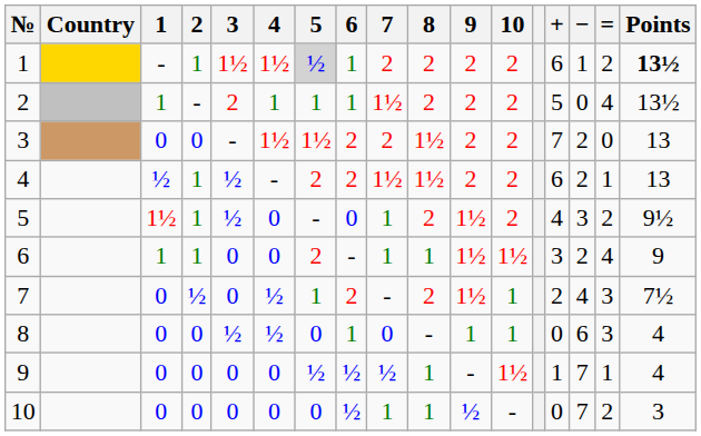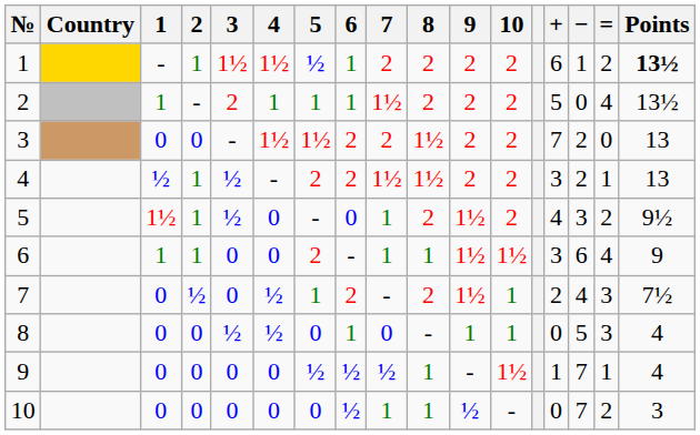 <table class="wikitable" style="text-align:center">
 <tr>
 <th>№</th>
 <th>Country</th>
 <th>1</th>
 <th>2</th>
 <th>3</th>
 <th>4</th>
 <th>5</th>
 <th>6</th>
 <th>7</th>
 <th>8</th>
 <th>9</th>
 <th>10</th>
 <th></th>
 <th>+</th>
 <th>−</th>
 <th>=</th>
 <th>Points</th>
 </tr>
 <tr>
 <td>1</td>
 <td align=left bgcolor="gold"></td>
 <td>-</td>
 <td style="color:green;">1</td>
 <td style="color:red;">1½</td>
 <td style="color:red;">1½</td>
-<td style="background: lightgrey; color:blue;">½</td>
+<td style="color:blue;">½</td>
 <td style="color:green;">1</td>
 <td style="color:red;">2</td>
 <td style="color:red;">2</td>
 <td style="color:red;">2</td>
 <td style="color:red;">2</td>
 <th></th>
 <td>6</td>
 <td>1</td>
 <td>2</td>
 <td><strong>13½</strong></td>
 </tr>
 <tr>
 <td>2</td>
 <td align=left bgcolor="silver"></td>
 <td style="color:green;">1</td>
 <td>-</td>
 <td style="color:red;">2</td>
 <td style="color:green;">1</td>
 <td style="color:green;">1</td>
 <td style="color:green;">1</td>
 <td style="color:red;">1½</td>
 <td style="color:red;">2</td>
 <td style="color:red;">2</td>
 <td style="color:red;">2</td>
 <th></th>
 <td>5</td>
 <td>0</td>
 <td>4</td>
 <td>13½</td>
 </tr>
 <tr>
 <td>3</td>
 <td align=left bgcolor="CC9966"></td>
 <td style="color:blue;">0</td>
 <td style="color:blue;">0</td>
 <td>-</td>
 <td style="color:red;">1½</td>
 <td style="color:red;">1½</td>
 <td style="color:red;">2</td>
 <td style="color:red;">2</td>
 <td style="color:red;">1½</td>
 <td style="color:red;">2</td>
 <td style="color:red;">2</td>
 <th></th>
 <td>7</td>
 <td>2</td>
 <td>0</td>
 <td>13</td>
 </tr>
 <tr>
 <td>4</td>
 <td style="text-align: left"></td>
 <td style="color:blue;">½</td>
 <td style="color:green;">1</td>
 <td style="color:blue;">½</td>
 <td>-</td>
 <td style="color:red;">2</td>
 <td style="color:red;">2</td>
 <td style="color:red;">1½</td>
 <td style="color:red;">1½</td>
 <td style="color:red;">2</td>
 <td style="color:red;">2</td>
 <th></th>
-<td>6</td>
+<td>3</td>
 <td>2</td>
 <td>1</td>
 <td>13</td>
 </tr>
 <tr>
 <td>5</td>
 <td style="text-align: left"></td>
 <td style="color:red;">1½</td>
 <td style="color:green;">1</td>
 <td style="color:blue;">½</td>
 <td style="color:blue;">0</td>
 <td>-</td>
 <td style="color:blue;">0</td>
 <td style="color:green;">1</td>
 <td style="color:red;">2</td>
 <td style="color:red;">1½</td>
 <td style="color:red;">2</td>
 <th></th>
 <td>4</td>
 <td>3</td>
 <td>2</td>
 <td>9½</td>
 </tr>
 <tr>
 <td>6</td>
 <td style="text-align: left"></td>
 <td style="color:green;">1</td>
 <td style="color:green;">1</td>
 <td style="color:blue;">0</td>
 <td style="color:blue;">0</td>
 <td style="color:red;">2</td>
 <td>-</td>
 <td style="color:green;">1</td>
 <td style="color:green;">1</td>
 <td style="color:red;">1½</td>
 <td style="color:red;">1½</td>
 <th></th>
 <td>3</td>
-<td>2</td>
+<td>6</td>
 <td>4</td>
 <td>9</td>
 </tr>
 <tr>
 <td>7</td>
 <td style="text-align: left"></td>
 <td style="color:blue;">0</td>
 <td style="color:blue;">½</td>
 <td style="color:blue;">0</td>
 <td style="color:blue;">½</td>
 <td style="color:green;">1</td>
 <td style="color:red;">2</td>
 <td>-</td>
 <td style="color:red;">2</td>
 <td style="color:red;">1½</td>
 <td style="color:green;">1</td>
 <th></th>
 <td>2</td>
 <td>4</td>
 <td>3</td>
 <td>7½</td>
 </tr>
 <tr>
 <td>8</td>
 <td style="text-align: left"></td>
 <td style="color:blue;">0</td>
 <td style="color:blue;">0</td>
 <td style="color:blue;">½</td>
 <td style="color:blue;">½</td>
 <td style="color:blue;">0</td>
 <td style="color:green;">1</td>
 <td style="color:blue;">0</td>
 <td>-</td>
 <td style="color:green;">1</td>
 <td style="color:green;">1</td>
 <th></th>
 <td>0</td>
-<td>6</td>
+<td>5</td>
 <td>3</td>
 <td>4</td>
 </tr>
 <tr>
 <td>9</td>
 <td style="text-align: left"></td>
 <td style="color:blue;">0</td>
 <td style="color:blue;">0</td>
 <td style="color:blue;">0</td>
 <td style="color:blue;">0</td>
 <td style="color:blue;">½</td>
 <td style="color:blue;">½</td>
 <td style="color:blue;">½</td>
 <td style="color:green;">1</td>
 <td>-</td>
 <td style="color:red;">1½</td>
 <th></th>
 <td>1</td>
 <td>7</td>
 <td>1</td>
 <td>4</td>
 </tr>
 <tr>
 <td>10</td>
 <td style="text-align: left"></td>
 <td style="color:blue;">0</td>
 <td style="color:blue;">0</td>
 <td style="color:blue;">0</td>
 <td style="color:blue;">0</td>
 <td style="color:blue;">0</td>
 <td style="color:blue;">½</td>
 <td style="color:green;">1</td>
 <td style="color:green;">1</td>
 <td style="color:blue;">½</td>
 <td>-</td>
 <th></th>
 <td>0</td>
 <td>7</td>
 <td>2</td>
 <td>3</td>
 </tr>
 </table>
